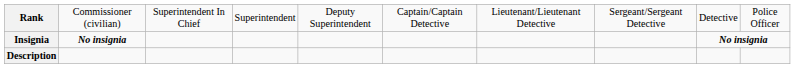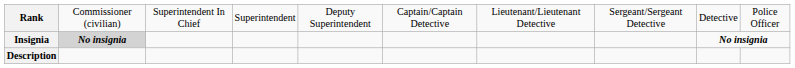 <table class="wikitable">
 <tr style="text-align:center;">
 <th>Rank</th>
 <td>Commissioner (civilian)</td>
 <td>Superintendent In Chief</td>
 <td>Superintendent</td>
 <td>Deputy Superintendent</td>
 <td>Captain/Captain Detective</td>
 <td>Lieutenant/Lieutenant Detective</td>
 <td>Sergeant/Sergeant Detective</td>
 <td>Detective</td>
 <td>Police Officer</td>
 </tr>
 <tr style="text-align:center;">
 <th>Insignia</th>
-<td><strong><em>No insignia</em></strong></td>
+<td style="background: lightgrey;"><strong><em>No insignia</em></strong></td>
 <td></td>
 <td></td>
 <td></td>
 <td></td>
 <td></td>
 <td></td>
 <td colspan=2><strong><em>No insignia</em></strong></td>
 </tr>
 <tr style="text-align:center;">
 <th>Description</th>
 <td></td>
 <td></td>
 <td></td>
 <td></td>
 <td></td>
 <td></td>
 <td></td>
 <td></td>
 <td></td>
 </tr>
 </table>
